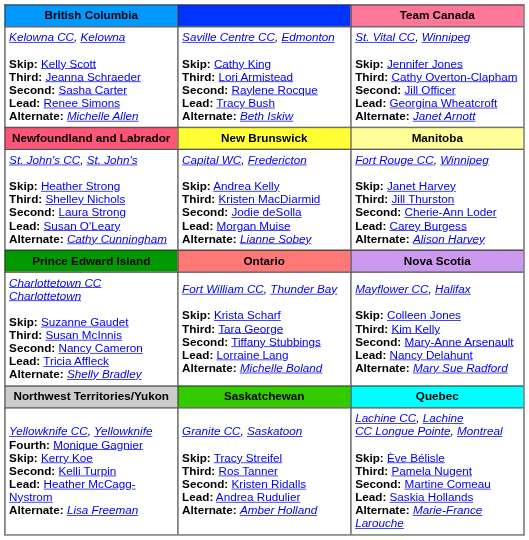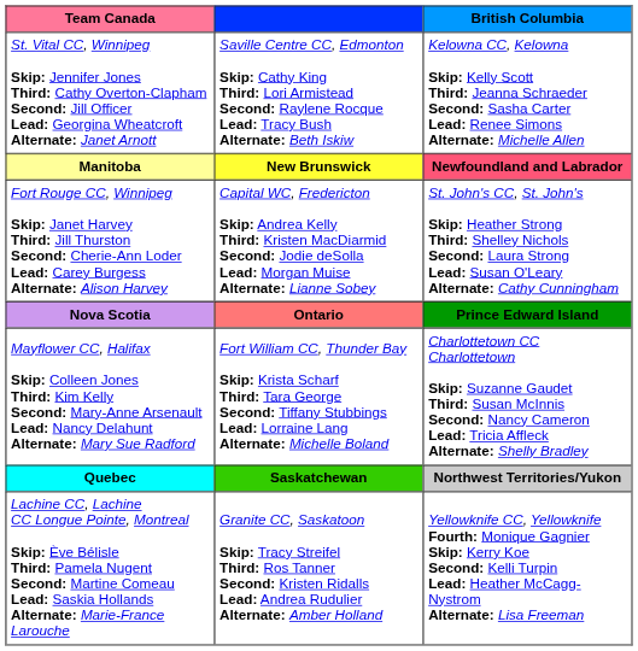 <table border=1 cellpadding=5 cellspacing=0>
 <tr>
+<th bgcolor="#ff7799" width="225">Team Canada</th>
+<th bgcolor="#0033ff" width="225"></th>
 <th bgcolor="#0099ff" width="225">British Columbia</th>
-<th bgcolor="#0033ff" width="225"></th>
-<th bgcolor="#ff7799" width="225">Team Canada</th>
 </tr>
 <tr align=center>
+<td align=left><em><a href='#'>St. Vital CC</a>, <a href='#'>Winnipeg</a></em><br><br><strong>Skip:</strong> <a href='#'>Jennifer Jones</a><br> <strong>Third:</strong> <a href='#'>Cathy Overton-Clapham</a><br> <strong>Second:</strong> <a href='#'>Jill Officer</a><br> <strong>Lead:</strong> <a href='#'>Georgina Wheatcroft</a><br>  <strong>Alternate:</strong> <em><a href='#'>Janet Arnott</a></em></td>
+<td align=left><em><a href='#'>Saville Centre CC</a>, <a href='#'>Edmonton</a></em><br><br><strong>Skip:</strong> <a href='#'>Cathy King</a><br> <strong>Third:</strong> <a href='#'>Lori Armistead</a><br> <strong>Second:</strong> <a href='#'>Raylene Rocque</a><br> <strong>Lead:</strong> <a href='#'>Tracy Bush</a><br> <strong>Alternate:</strong> <em><a href='#'>Beth Iskiw</a></em></td>
 <td align=left><em><a href='#'>Kelowna CC</a>, <a href='#'>Kelowna</a></em><br><br><strong>Skip:</strong> <a href='#'>Kelly Scott</a><br> <strong>Third:</strong> <a href='#'>Jeanna Schraeder</a><br> <strong>Second:</strong> <a href='#'>Sasha Carter</a><br> <strong>Lead:</strong> <a href='#'>Renee Simons</a><br> <strong>Alternate:</strong> <em><a href='#'>Michelle Allen</a></em></td>
-<td align=left><em><a href='#'>Saville Centre CC</a>, <a href='#'>Edmonton</a></em><br><br><strong>Skip:</strong> <a href='#'>Cathy King</a><br> <strong>Third:</strong> <a href='#'>Lori Armistead</a><br> <strong>Second:</strong> <a href='#'>Raylene Rocque</a><br> <strong>Lead:</strong> <a href='#'>Tracy Bush</a><br> <strong>Alternate:</strong> <em><a href='#'>Beth Iskiw</a></em></td>
-<td align=left><em><a href='#'>St. Vital CC</a>, <a href='#'>Winnipeg</a></em><br><br><strong>Skip:</strong> <a href='#'>Jennifer Jones</a><br> <strong>Third:</strong> <a href='#'>Cathy Overton-Clapham</a><br> <strong>Second:</strong> <a href='#'>Jill Officer</a><br> <strong>Lead:</strong> <a href='#'>Georgina Wheatcroft</a><br>  <strong>Alternate:</strong> <em><a href='#'>Janet Arnott</a></em></td>
 </tr>
 <tr border=1 cellpadding=5 cellspacing=0>
+<th bgcolor="#ffff99" width="200">Manitoba</th>
+<th bgcolor="#ffff33" width="200">New Brunswick</th>
 <th bgcolor="#ff5577" width="200">Newfoundland and Labrador</th>
-<th bgcolor="#ffff33" width="200">New Brunswick</th>
-<th bgcolor="#ffff99" width="200">Manitoba</th>
 </tr>
 <tr align=center>
+<td align=left><em><a href='#'>Fort Rouge CC</a>, <a href='#'>Winnipeg</a></em><br><br><strong>Skip:</strong> <a href='#'>Janet Harvey</a><br> <strong>Third:</strong> <a href='#'>Jill Thurston</a><br> <strong>Second:</strong> <a href='#'>Cherie-Ann Loder</a><br> <strong>Lead:</strong> <a href='#'>Carey Burgess</a><br> <strong>Alternate:</strong> <em><a href='#'>Alison Harvey</a></em></td>
+<td align=left><em><a href='#'>Capital WC</a>, <a href='#'>Fredericton</a></em><br><br><strong>Skip:</strong> <a href='#'>Andrea Kelly</a><br> <strong>Third:</strong> <a href='#'>Kristen MacDiarmid</a><br> <strong>Second:</strong> <a href='#'>Jodie deSolla</a><br> <strong>Lead:</strong> <a href='#'>Morgan Muise</a><br> <strong>Alternate:</strong> <em><a href='#'>Lianne Sobey</a></em></td>
 <td align=left><em><a href='#'>St. John's CC</a>, <a href='#'>St. John's</a></em><br><br><strong>Skip:</strong> <a href='#'>Heather Strong</a><br> <strong>Third:</strong> <a href='#'>Shelley Nichols</a><br> <strong>Second:</strong> <a href='#'>Laura Strong</a><br> <strong>Lead:</strong> <a href='#'>Susan O'Leary</a><br> <strong>Alternate:</strong> <em><a href='#'>Cathy Cunningham</a></em></td>
-<td align=left><em><a href='#'>Capital WC</a>, <a href='#'>Fredericton</a></em><br><br><strong>Skip:</strong> <a href='#'>Andrea Kelly</a><br> <strong>Third:</strong> <a href='#'>Kristen MacDiarmid</a><br> <strong>Second:</strong> <a href='#'>Jodie deSolla</a><br> <strong>Lead:</strong> <a href='#'>Morgan Muise</a><br> <strong>Alternate:</strong> <em><a href='#'>Lianne Sobey</a></em></td>
-<td align=left><em><a href='#'>Fort Rouge CC</a>, <a href='#'>Winnipeg</a></em><br><br><strong>Skip:</strong> <a href='#'>Janet Harvey</a><br> <strong>Third:</strong> <a href='#'>Jill Thurston</a><br> <strong>Second:</strong> <a href='#'>Cherie-Ann Loder</a><br> <strong>Lead:</strong> <a href='#'>Carey Burgess</a><br> <strong>Alternate:</strong> <em><a href='#'>Alison Harvey</a></em></td>
 </tr>
 <tr border=1 cellpadding=5 cellspacing=0>
+<th bgcolor="#cc99ee" width="200">Nova Scotia</th>
+<th bgcolor="#ff7777" width="200">Ontario</th>
 <th bgcolor="#009900" width="200">Prince Edward Island</th>
-<th bgcolor="#ff7777" width="200">Ontario</th>
-<th bgcolor="#cc99ee" width="200">Nova Scotia</th>
 </tr>
 <tr align=center>
+<td align=left><em><a href='#'>Mayflower CC</a>, <a href='#'>Halifax</a></em><br><br><strong>Skip:</strong> <a href='#'>Colleen Jones</a><br> <strong>Third:</strong> <a href='#'>Kim Kelly</a><br> <strong>Second:</strong> <a href='#'>Mary-Anne Arsenault</a><br> <strong>Lead:</strong> <a href='#'>Nancy Delahunt</a><br> <strong>Alternate:</strong> <em><a href='#'>Mary Sue Radford</a></em></td>
+<td align=left><em><a href='#'>Fort William CC</a>, <a href='#'>Thunder Bay</a></em><br><br><strong>Skip:</strong> <a href='#'>Krista Scharf</a><br> <strong>Third:</strong> <a href='#'>Tara George</a><br> <strong>Second:</strong> <a href='#'>Tiffany Stubbings</a><br> <strong>Lead:</strong> <a href='#'>Lorraine Lang</a><br>  <strong>Alternate:</strong> <em><a href='#'>Michelle Boland</a></em></td>
 <td align=left><em><a href='#'>Charlottetown CC</a> <a href='#'>Charlottetown</a></em><br><br><strong>Skip:</strong> <a href='#'>Suzanne Gaudet</a><br> <strong>Third:</strong> <a href='#'>Susan McInnis</a><br> <strong>Second:</strong> <a href='#'>Nancy Cameron</a><br> <strong>Lead:</strong> <a href='#'>Tricia Affleck</a><br> <strong>Alternate:</strong> <em><a href='#'>Shelly Bradley</a></em></td>
-<td align=left><em><a href='#'>Fort William CC</a>, <a href='#'>Thunder Bay</a></em><br><br><strong>Skip:</strong> <a href='#'>Krista Scharf</a><br> <strong>Third:</strong> <a href='#'>Tara George</a><br> <strong>Second:</strong> <a href='#'>Tiffany Stubbings</a><br> <strong>Lead:</strong> <a href='#'>Lorraine Lang</a><br>  <strong>Alternate:</strong> <em><a href='#'>Michelle Boland</a></em></td>
-<td align=left><em><a href='#'>Mayflower CC</a>, <a href='#'>Halifax</a></em><br><br><strong>Skip:</strong> <a href='#'>Colleen Jones</a><br> <strong>Third:</strong> <a href='#'>Kim Kelly</a><br> <strong>Second:</strong> <a href='#'>Mary-Anne Arsenault</a><br> <strong>Lead:</strong> <a href='#'>Nancy Delahunt</a><br> <strong>Alternate:</strong> <em><a href='#'>Mary Sue Radford</a></em></td>
 </tr>
 <tr border=1 cellpadding=5 cellspacing=0>
+<th bgcolor="#00ffff" width="200">Quebec</th>
+<th bgcolor="#33cc00" width="200">Saskatchewan</th>
 <th bgcolor="#cccccc" width="200">Northwest Territories/Yukon</th>
-<th bgcolor="#33cc00" width="200">Saskatchewan</th>
-<th bgcolor="#00ffff" width="200">Quebec</th>
 </tr>
 <tr align=center>
+<td align=left><em><a href='#'>Lachine CC</a>, <a href='#'>Lachine</a><br><a href='#'>CC Longue Pointe</a>, <a href='#'>Montreal</a></em><br><br><strong>Skip:</strong> <a href='#'>Ève Bélisle</a><br> <strong>Third:</strong> <a href='#'>Pamela Nugent</a><br> <strong>Second:</strong> <a href='#'>Martine Comeau</a><br> <strong>Lead:</strong> <a href='#'>Saskia Hollands</a><br> <strong>Alternate:</strong> <em><a href='#'>Marie-France Larouche</a></em></td>
+<td align=left><em><a href='#'>Granite CC</a>, <a href='#'>Saskatoon</a></em><br><br><strong>Skip:</strong> <a href='#'>Tracy Streifel</a><br> <strong>Third:</strong> <a href='#'>Ros Tanner</a><br> <strong>Second:</strong> <a href='#'>Kristen Ridalls</a><br> <strong>Lead:</strong> <a href='#'>Andrea Rudulier</a><br> <strong>Alternate:</strong> <em><a href='#'>Amber Holland</a></em></td>
 <td align=left><em><a href='#'>Yellowknife CC</a>, <a href='#'>Yellowknife</a></em><br><strong>Fourth:</strong> <a href='#'>Monique Gagnier</a><br> <strong>Skip:</strong> <a href='#'>Kerry Koe</a><br> <strong>Second:</strong> <a href='#'>Kelli Turpin</a><br> <strong>Lead:</strong> <a href='#'>Heather McCagg-Nystrom</a><br> <strong>Alternate:</strong> <em><a href='#'>Lisa Freeman</a></em></td>
-<td align=left><em><a href='#'>Granite CC</a>, <a href='#'>Saskatoon</a></em><br><br><strong>Skip:</strong> <a href='#'>Tracy Streifel</a><br> <strong>Third:</strong> <a href='#'>Ros Tanner</a><br> <strong>Second:</strong> <a href='#'>Kristen Ridalls</a><br> <strong>Lead:</strong> <a href='#'>Andrea Rudulier</a><br> <strong>Alternate:</strong> <em><a href='#'>Amber Holland</a></em></td>
-<td align=left><em><a href='#'>Lachine CC</a>, <a href='#'>Lachine</a><br><a href='#'>CC Longue Pointe</a>, <a href='#'>Montreal</a></em><br><br><strong>Skip:</strong> <a href='#'>Ève Bélisle</a><br> <strong>Third:</strong> <a href='#'>Pamela Nugent</a><br> <strong>Second:</strong> <a href='#'>Martine Comeau</a><br> <strong>Lead:</strong> <a href='#'>Saskia Hollands</a><br> <strong>Alternate:</strong> <em><a href='#'>Marie-France Larouche</a></em></td>
 </tr>
 </table>
